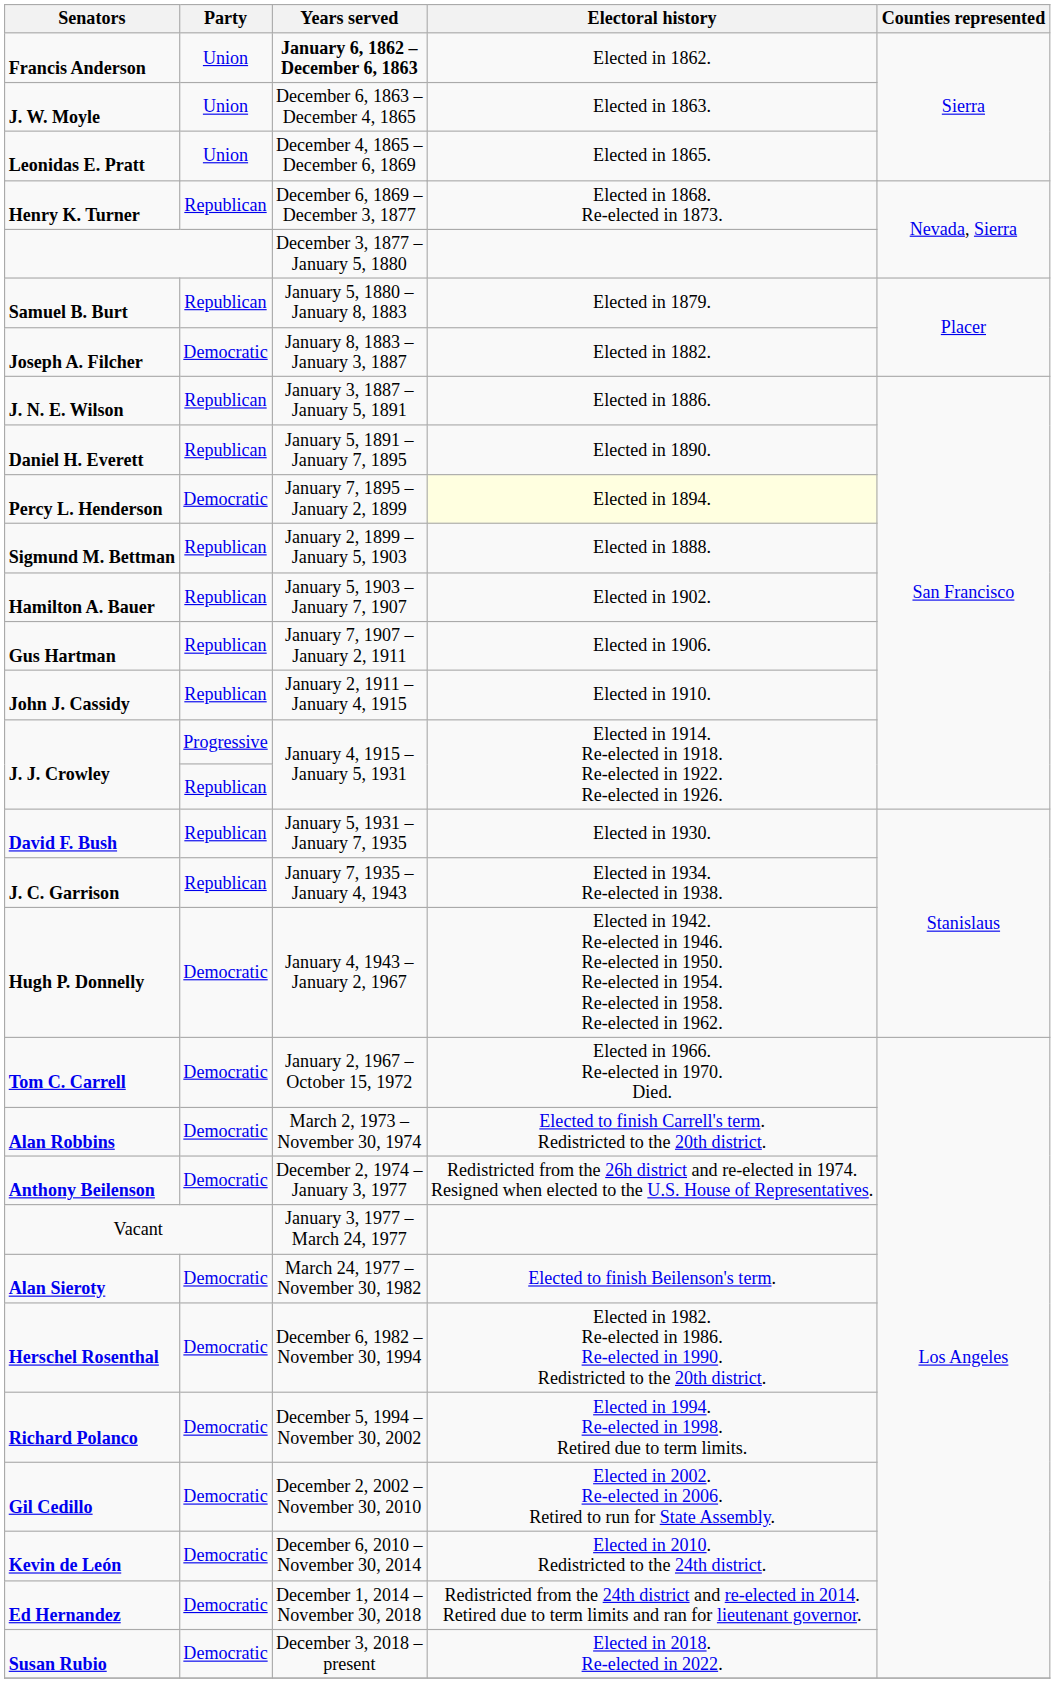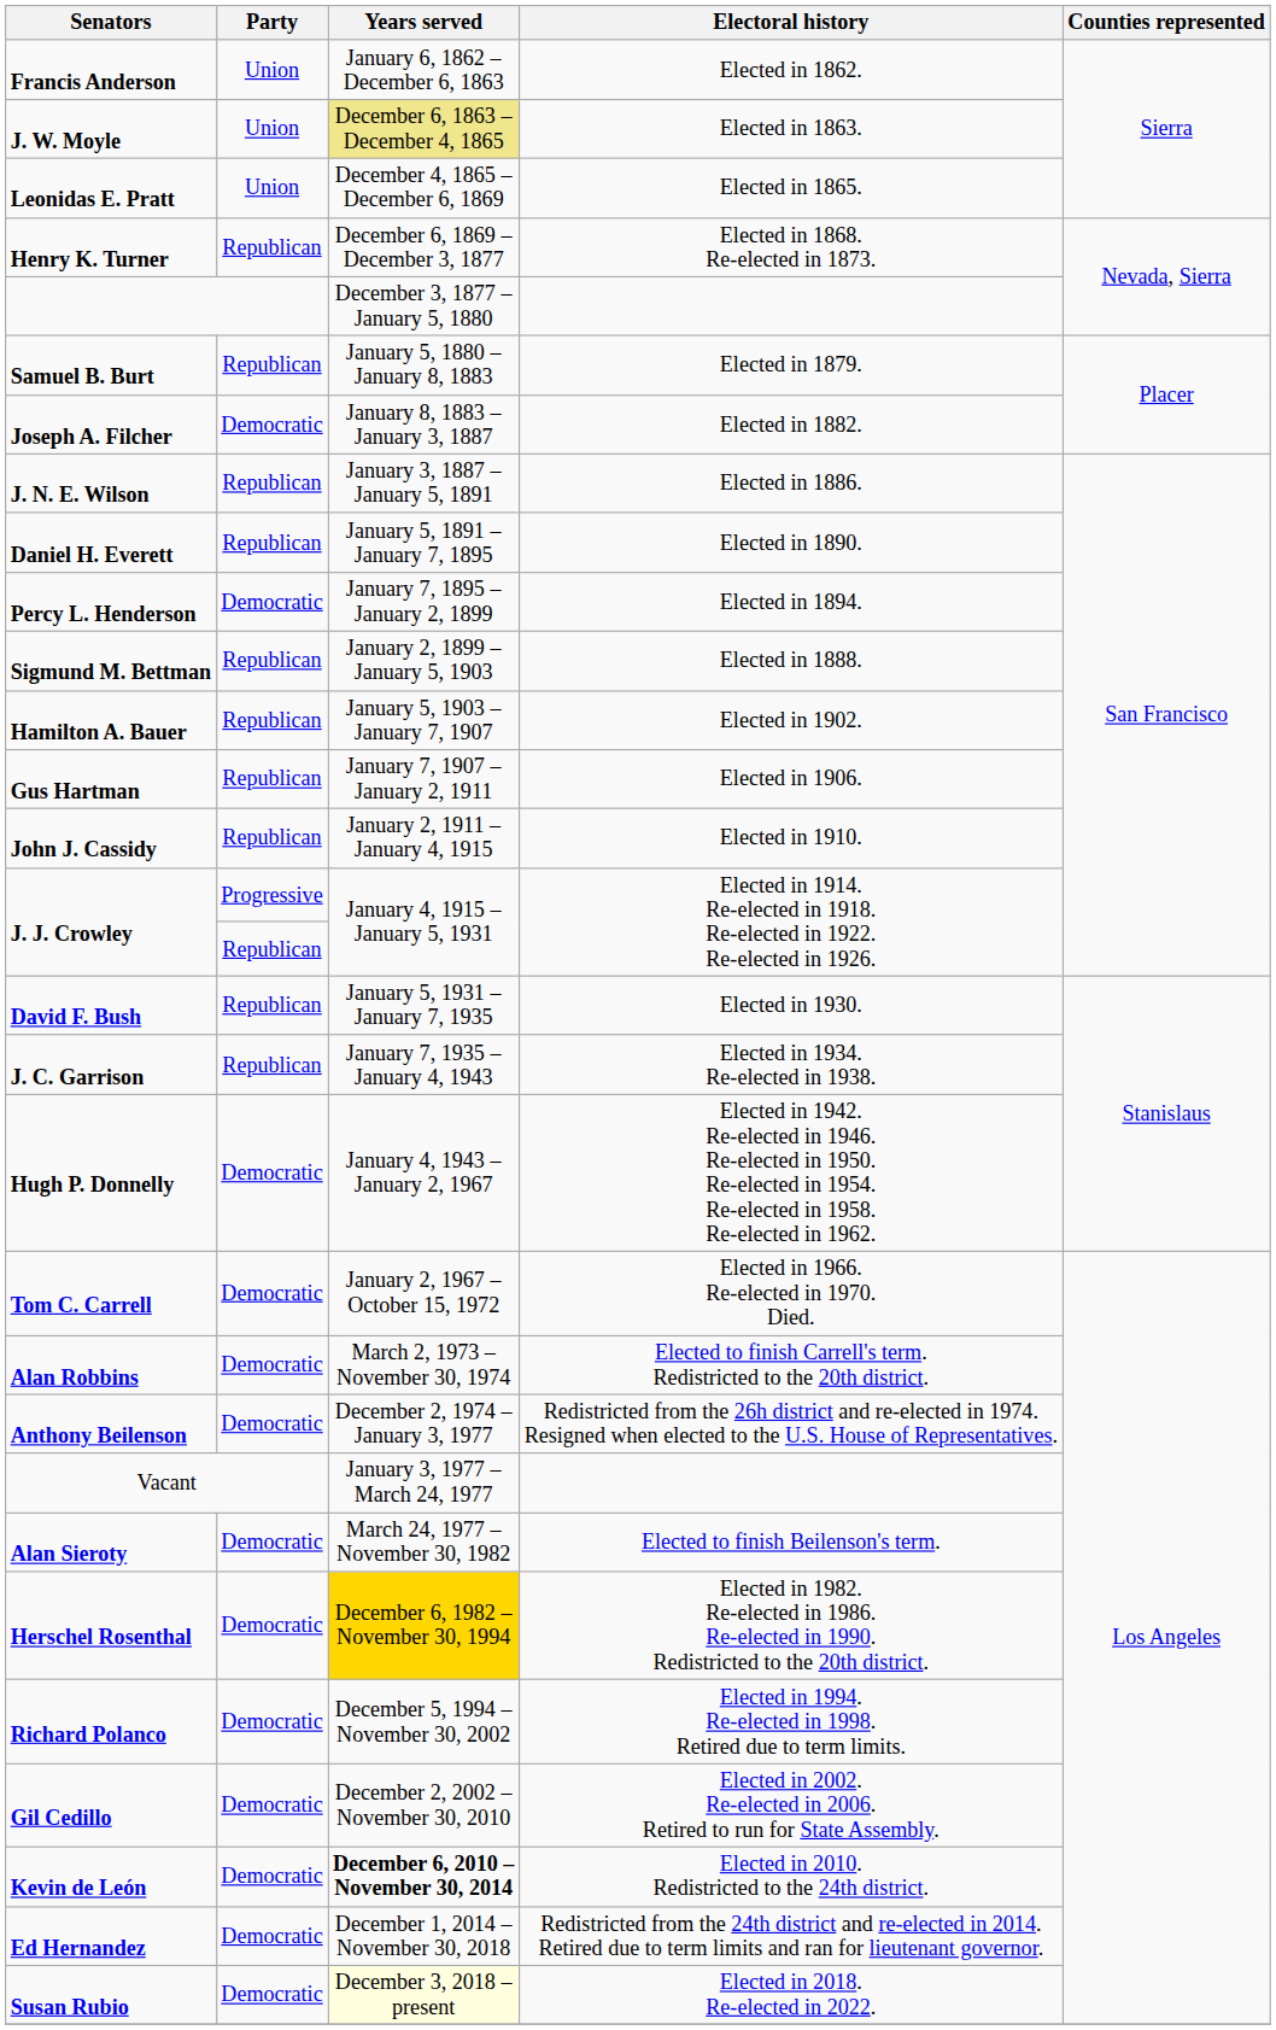 <table class=wikitable style="text-align:center">
 <tr>
 <th>Senators</th>
 <th>Party</th>
 <th>Years served</th>
 <th>Electoral history</th>
 <th>Counties represented</th>
 </tr>
 <tr>
 <td align=left><br><strong>Francis Anderson</strong><br></td>
 <td><a href='#'>Union</a></td>
-<td><strong>January 6, 1862 – <br> December 6, 1863</strong></td>
+<td>January 6, 1862 – <br> December 6, 1863</td>
 <td>Elected in 1862. <br> </td>
 <td rowspan="4"><a href='#'>Sierra</a></td>
 </tr>
 <tr>
 <td align=left><br><strong>J. W. Moyle</strong><br></td>
 <td><a href='#'>Union</a></td>
-<td>December 6, 1863 – <br> December 4, 1865</td>
+<td style="background: khaki;">December 6, 1863 – <br> December 4, 1865</td>
 <td>Elected in 1863. <br> </td>
 </tr>
 <tr>
 <td align=left><br><strong>Leonidas E. Pratt</strong><br></td>
 <td><a href='#'>Union</a></td>
 <td>December 4, 1865 – <br> December 6, 1869</td>
 <td>Elected in 1865. <br> </td>
 </tr>
 <tr>
 <td rowspan="2" align=left><br><strong>Henry K. Turner</strong><br></td>
 <td rowspan="2" ><a href='#'>Republican</a></td>
 <td rowspan="2">December 6, 1869 – <br> December 3, 1877</td>
 <td rowspan="2">Elected in 1868. <br> Re-elected in 1873. <br> </td>
 </tr>
 <tr>
 <td rowspan=2><a href='#'>Nevada</a>, <a href='#'>Sierra</a></td>
 </tr>
 <tr>
 <td colspan=2></td>
 <td>December 3, 1877 – <br> January 5, 1880</td>
 <td></td>
 </tr>
 <tr>
 <td align=left><br><strong>Samuel B. Burt</strong><br></td>
 <td><a href='#'>Republican</a></td>
 <td>January 5, 1880 – <br> January 8, 1883</td>
 <td>Elected in 1879. <br> </td>
 <td rowspan="2"><a href='#'>Placer</a></td>
 </tr>
 <tr>
 <td align="left"><br><strong>Joseph A. Filcher</strong><br></td>
 <td><a href='#'>Democratic</a></td>
 <td>January 8, 1883 – <br> January 3, 1887</td>
 <td>Elected in 1882. <br> </td>
 </tr>
 <tr>
 <td align=left> <br><strong>J. N. E. Wilson</strong><br></td>
 <td><a href='#'>Republican</a></td>
 <td>January 3, 1887 – <br> January 5, 1891</td>
 <td>Elected in 1886. <br> </td>
 <td rowspan="9"><a href='#'>San Francisco</a></td>
 </tr>
 <tr>
 <td align=left><br><strong>Daniel H. Everett</strong><br></td>
 <td><a href='#'>Republican</a></td>
 <td>January 5, 1891 – <br> January 7, 1895</td>
 <td>Elected in 1890. <br> </td>
 </tr>
 <tr>
 <td align=left><br><strong>Percy L. Henderson</strong><br></td>
 <td><a href='#'>Democratic</a></td>
 <td>January 7, 1895 – <br> January 2, 1899</td>
-<td style="background: lightyellow;">Elected in 1894. <br> </td>
+<td>Elected in 1894. <br> </td>
 </tr>
 <tr>
 <td align=left><br><strong>Sigmund M. Bettman</strong><br></td>
 <td><a href='#'>Republican</a></td>
 <td>January 2, 1899 – <br> January 5, 1903</td>
 <td>Elected in 1888. <br> </td>
 </tr>
 <tr>
 <td align=left><br><strong>Hamilton A. Bauer</strong><br></td>
 <td><a href='#'>Republican</a></td>
 <td>January 5, 1903 – <br> January 7, 1907</td>
 <td>Elected in 1902. <br> </td>
 </tr>
 <tr>
 <td align=left><br><strong>Gus Hartman</strong><br></td>
 <td><a href='#'>Republican</a></td>
 <td>January 7, 1907 – <br> January 2, 1911</td>
 <td>Elected in 1906. <br> </td>
 </tr>
 <tr>
 <td align=left><br><strong>John J. Cassidy</strong><br></td>
 <td><a href='#'>Republican</a></td>
 <td>January 2, 1911 – <br> January 4, 1915</td>
 <td>Elected in 1910. <br> </td>
 </tr>
 <tr>
 <td rowspan=2 align=left> <br><strong>J. J. Crowley</strong><br></td>
 <td><a href='#'>Progressive</a></td>
 <td rowspan=2>January 4, 1915 – <br> January 5, 1931</td>
 <td rowspan=2>Elected in 1914. <br> Re-elected in 1918. <br> Re-elected in 1922. <br> Re-elected in 1926. <br> </td>
 </tr>
 <tr>
 <td><a href='#'>Republican</a></td>
 </tr>
 <tr>
 <td align=left><br><strong><a href='#'>David F. Bush</a></strong><br></td>
 <td><a href='#'>Republican</a></td>
 <td>January 5, 1931 – <br> January 7, 1935</td>
 <td>Elected in 1930. <br> </td>
 <td rowspan="3"><a href='#'>Stanislaus</a></td>
 </tr>
 <tr>
 <td align=left><br><strong>J. C. Garrison</strong><br></td>
 <td><a href='#'>Republican</a></td>
 <td>January 7, 1935 – <br> January 4, 1943</td>
 <td>Elected in 1934. <br> Re-elected in 1938. <br> </td>
 </tr>
 <tr>
 <td align=left><br><strong>Hugh P. Donnelly</strong><br></td>
 <td><a href='#'>Democratic</a></td>
 <td>January 4, 1943 – <br> January 2, 1967</td>
 <td>Elected in 1942. <br> Re-elected in 1946. <br> Re-elected in 1950. <br> Re-elected in 1954. <br> Re-elected in 1958. <br> Re-elected in 1962. <br> </td>
 </tr>
 <tr>
 <td align=left><br><strong><a href='#'>Tom C. Carrell</a></strong><br></td>
 <td><a href='#'>Democratic</a></td>
 <td>January 2, 1967 – <br> October 15, 1972</td>
 <td>Elected in 1966. <br> Re-elected in 1970. <br> Died.</td>
 <td rowspan="11"><a href='#'>Los Angeles</a></td>
 </tr>
 <tr>
 <td align=left><br><strong><a href='#'>Alan Robbins</a></strong><br></td>
 <td><a href='#'>Democratic</a></td>
 <td>March 2, 1973 – <br> November 30, 1974</td>
 <td><a href='#'>Elected to finish Carrell's term</a>. <br> Redistricted to the <a href='#'>20th district</a>.</td>
 </tr>
 <tr>
 <td align=left><br><strong><a href='#'>Anthony Beilenson</a></strong><br></td>
 <td><a href='#'>Democratic</a></td>
 <td>December 2, 1974 – <br> January 3, 1977</td>
 <td>Redistricted from the <a href='#'>26h district</a> and re-elected in 1974. <br> Resigned when elected to the <a href='#'>U.S. House of Representatives</a>.</td>
 </tr>
 <tr>
 <td colspan="2">Vacant</td>
 <td>January 3, 1977 – <br> March 24, 1977</td>
 <td></td>
 </tr>
 <tr>
 <td align=left><br><strong><a href='#'>Alan Sieroty</a></strong><br></td>
 <td><a href='#'>Democratic</a></td>
 <td>March 24, 1977 – <br> November 30, 1982</td>
 <td><a href='#'>Elected to finish Beilenson's term</a>. <br></td>
 </tr>
 <tr>
 <td align=left><br><strong><a href='#'>Herschel Rosenthal</a></strong><br> </td>
 <td><a href='#'>Democratic</a></td>
-<td>December 6, 1982 – <br> November 30, 1994</td>
+<td style="background: gold;">December 6, 1982 – <br> November 30, 1994</td>
 <td>Elected in 1982. <br> Re-elected in 1986. <br> <a href='#'>Re-elected in 1990</a>. <br> Redistricted to the <a href='#'>20th district</a>.</td>
 </tr>
 <tr>
 <td align=left><br><strong><a href='#'>Richard Polanco</a></strong><br></td>
 <td><a href='#'>Democratic</a></td>
 <td>December 5, 1994 – <br> November 30, 2002</td>
 <td><a href='#'>Elected in 1994</a>. <br> <a href='#'>Re-elected in 1998</a>. <br> Retired due to term limits.</td>
 </tr>
 <tr>
 <td align=left><br><strong><a href='#'>Gil Cedillo</a></strong><br></td>
 <td><a href='#'>Democratic</a></td>
 <td>December 2, 2002 – <br> November 30, 2010</td>
 <td><a href='#'>Elected in 2002</a>. <br> <a href='#'>Re-elected in 2006</a>. <br> Retired to run for <a href='#'>State Assembly</a>.</td>
 </tr>
 <tr>
 <td align=left><br><strong><a href='#'>Kevin de León</a></strong><br></td>
 <td><a href='#'>Democratic</a></td>
-<td>December 6, 2010 – <br> November 30, 2014</td>
+<td><strong>December 6, 2010 – <br> November 30, 2014</strong></td>
 <td><a href='#'>Elected in 2010</a>. <br> Redistricted to the <a href='#'>24th district</a>.</td>
 </tr>
 <tr>
 <td align=left><br><strong><a href='#'>Ed Hernandez</a></strong><br></td>
 <td><a href='#'>Democratic</a></td>
 <td>December 1, 2014 – <br> November 30, 2018</td>
 <td>Redistricted from the <a href='#'>24th district</a> and <a href='#'>re-elected in 2014</a>. <br> Retired due to term limits and ran for <a href='#'>lieutenant governor</a>.</td>
 </tr>
 <tr>
 <td align=left><br><strong><a href='#'>Susan Rubio</a></strong><br></td>
 <td><a href='#'>Democratic</a></td>
-<td>December 3, 2018 – <br>present</td>
+<td style="background: lightyellow;">December 3, 2018 – <br>present</td>
 <td><a href='#'>Elected in 2018</a>. <br> <a href='#'>Re-elected in 2022</a>.</td>
 </tr>
 <tr>
 </tr>
 </table>
